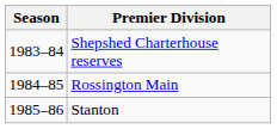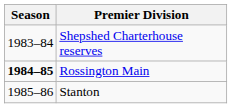 <table class=wikitable>
 <tr>
 <th>Season</th>
 <th width=200>Premier Division</th>
 </tr>
 <tr>
 <td>1983–84</td>
 <td><a href='#'>Shepshed Charterhouse reserves</a></td>
 </tr>
 <tr>
-<td>1984–85</td>
+<td><strong>1984–85</strong></td>
 <td><a href='#'>Rossington Main</a></td>
 </tr>
 <tr>
 <td>1985–86</td>
 <td>Stanton</td>
 </tr>
 </table>
